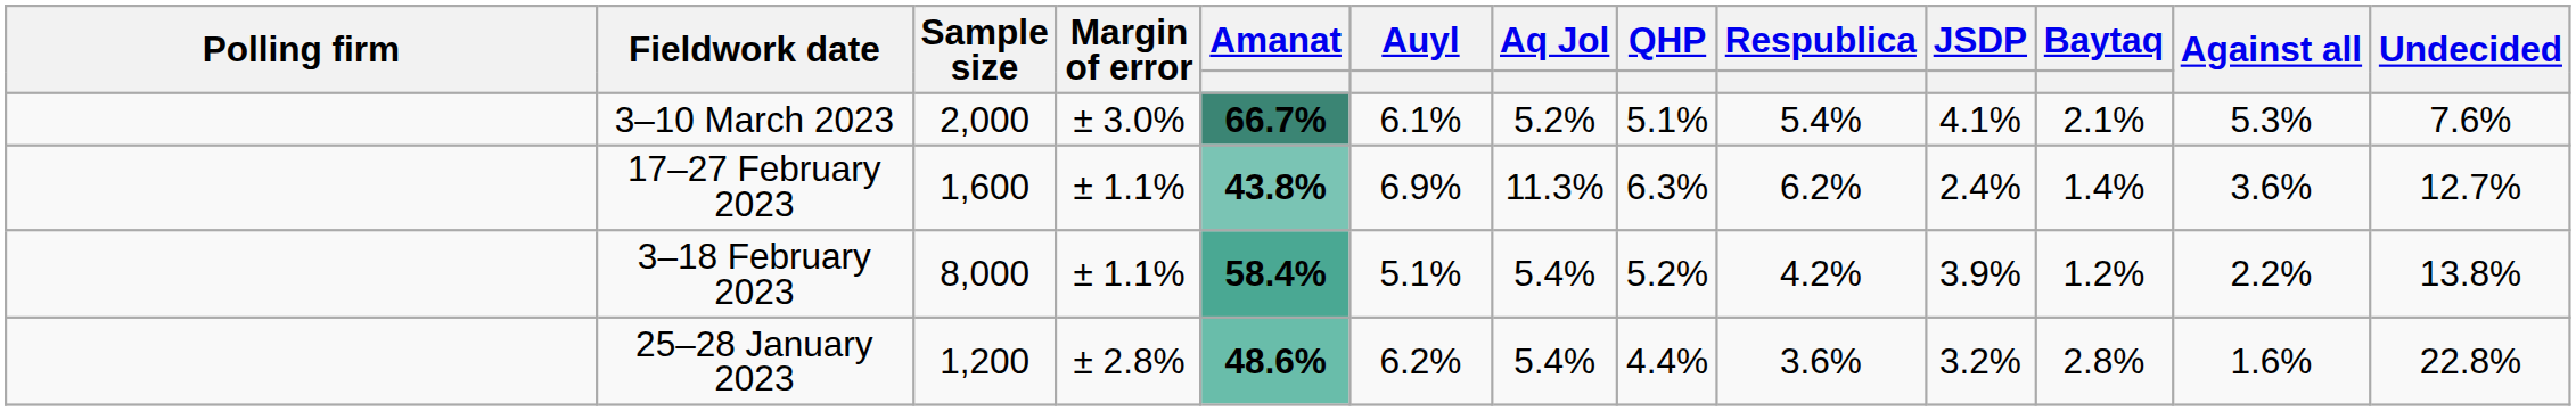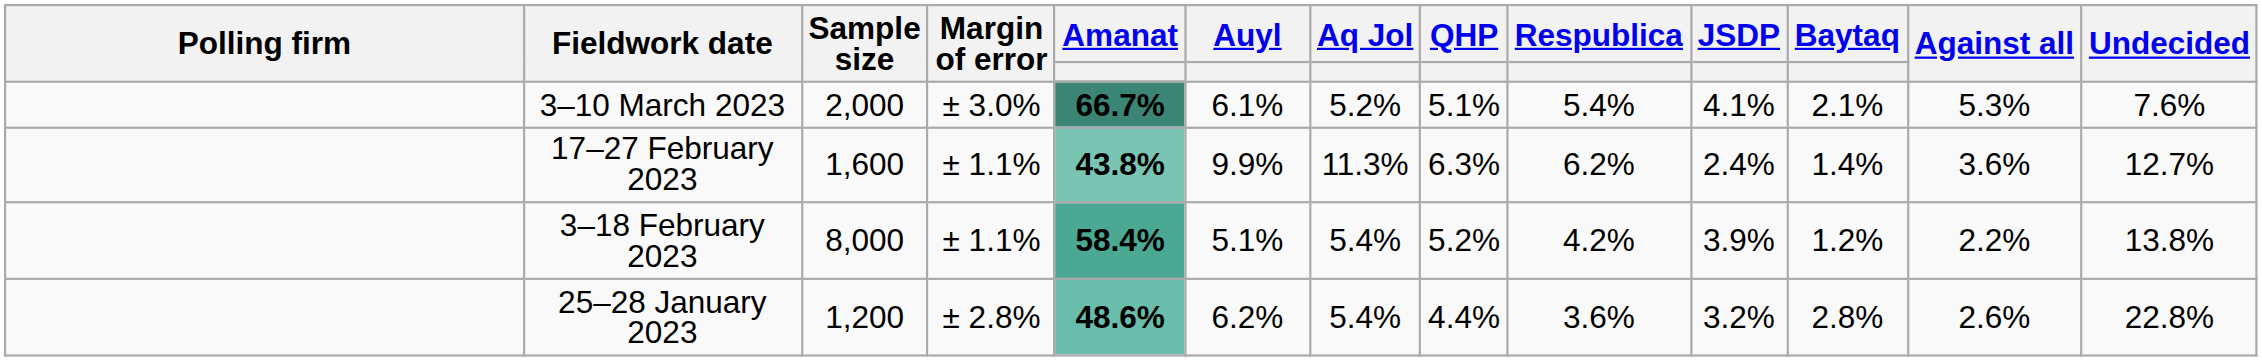 <table class="wikitable" style="text-align: center; font-size:90%; line-height:14px;">
 <tr>
 <th rowspan="2" style="width:230px;">Polling firm</th>
 <th rowspan="2" style="width:120px;">Fieldwork date</th>
 <th rowspan="2" style="width:50px;">Sample size</th>
 <th rowspan="2">Margin<br>of error</th>
 <th style="width:50px;"><a href='#'>Amanat</a></th>
 <th style="width:50px;"><a href='#'>Auyl</a></th>
 <th><a href='#'>Aq Jol</a></th>
 <th><a href='#'>QHP</a></th>
 <th><a href='#'>Respublica</a></th>
 <th><a href='#'>JSDP</a></th>
 <th><a href='#'>Baytaq</a></th>
 <th rowspan="2"><a href='#'>Against all</a></th>
 <th rowspan="2" style="width:50px;"><a href='#'>Undecided</a></th>
 </tr>
 <tr>
 <th style="background:"></th>
 <th style="background:"></th>
 <th style="background:"></th>
 <th style="background:"></th>
 <th style="background:"></th>
 <th style="background:"></th>
 <th style="background:"></th>
 </tr>
 <tr>
 <td></td>
 <td>3–10 March 2023</td>
 <td>2,000</td>
 <td>± 3.0%</td>
 <td style="background:#3B8574;"><strong>66.7%</strong></td>
 <td>6.1%</td>
 <td>5.2%</td>
 <td>5.1%</td>
 <td>5.4%</td>
 <td>4.1%</td>
 <td>2.1%</td>
 <td>5.3%</td>
 <td>7.6%</td>
 </tr>
 <tr>
 <td></td>
 <td>17–27 February 2023</td>
 <td>1,600</td>
 <td>± 1.1%</td>
 <td style="background:#7AC4B4;"><strong>43.8%</strong></td>
-<td>6.9%</td>
+<td>9.9%</td>
 <td>11.3%</td>
 <td>6.3%</td>
 <td>6.2%</td>
 <td>2.4%</td>
 <td>1.4%</td>
 <td>3.6%</td>
 <td>12.7%</td>
 </tr>
 <tr>
 <td></td>
 <td>3–18 February 2023</td>
 <td>8,000</td>
 <td>± 1.1%</td>
 <td style="background:#4AA893;"><strong>58.4%</strong></td>
 <td>5.1%</td>
 <td>5.4%</td>
 <td>5.2%</td>
 <td>4.2%</td>
 <td>3.9%</td>
 <td>1.2%</td>
 <td>2.2%</td>
 <td>13.8%</td>
 </tr>
 <tr>
 <td></td>
 <td>25–28 January 2023</td>
 <td>1,200</td>
 <td>± 2.8%</td>
 <td style="background:#69BDAA;"><strong>48.6%</strong></td>
 <td>6.2%</td>
 <td>5.4%</td>
 <td>4.4%</td>
 <td>3.6%</td>
 <td>3.2%</td>
 <td>2.8%</td>
-<td>1.6%</td>
+<td>2.6%</td>
 <td>22.8%</td>
 </tr>
 </table>
